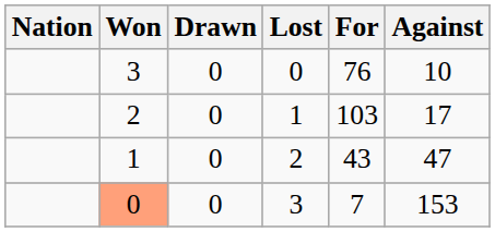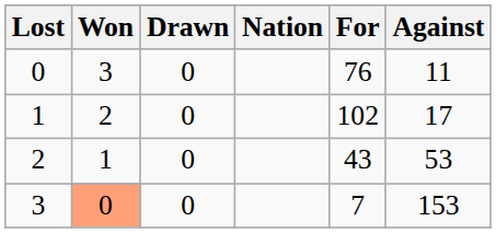 <table class="wikitable" style="text-align: center;">
 <tr>
-<th>Nation</th>
+<th>Lost</th>
 <th>Won</th>
 <th>Drawn</th>
-<th>Lost</th>
+<th>Nation</th>
 <th>For</th>
 <th>Against</th>
 </tr>
 <tr>
-<td align="left"></td>
+<td>0</td>
 <td>3</td>
 <td>0</td>
-<td>0</td>
+<td align="left"></td>
 <td>76</td>
-<td>10</td>
+<td>11</td>
 </tr>
 <tr>
-<td align="left"></td>
+<td>1</td>
 <td>2</td>
 <td>0</td>
-<td>1</td>
-<td>103</td>
+<td align="left"></td>
+<td>102</td>
 <td>17</td>
 </tr>
 <tr>
-<td align="left"></td>
+<td>2</td>
 <td>1</td>
 <td>0</td>
-<td>2</td>
+<td align="left"></td>
 <td>43</td>
-<td>47</td>
+<td>53</td>
 </tr>
 <tr>
-<td align="left"></td>
+<td>3</td>
 <td style="background: lightsalmon;">0</td>
 <td>0</td>
-<td>3</td>
+<td align="left"></td>
 <td>7</td>
 <td>153</td>
 </tr>
 </table>
